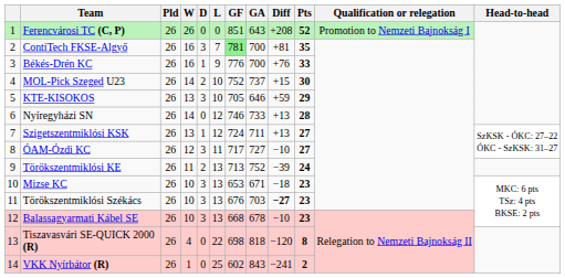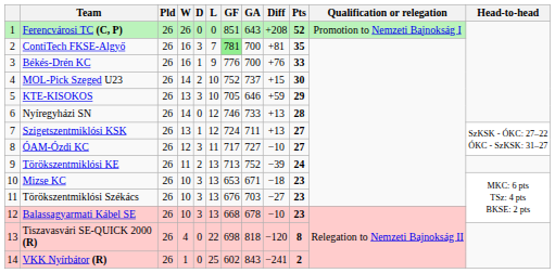 <table class="wikitable sortable" style="text-align:center">
 <tr>
 <th></th>
 <th width="200">Team</th>
 <th>Pld</th>
 <th>W</th>
 <th>D</th>
 <th>L</th>
 <th>GF</th>
 <th>GA</th>
 <th>Diff</th>
 <th>Pts</th>
 <th>Qualification or relegation</th>
 <th>Head-to-head</th>
 </tr>
 <tr style="background:#BBF3BB;">
 <td>1</td>
 <td align=left><a href='#'>Ferencvárosi TC</a> <strong>(C, P)</strong></td>
 <td>26</td>
 <td>26</td>
 <td>0</td>
 <td>0</td>
 <td>851</td>
 <td>643</td>
 <td>+208</td>
 <td><strong>52</strong></td>
 <td>Promotion to <a href='#'>Nemzeti Bajnokság I</a></td>
 </tr>
 <tr>
 <td>2</td>
 <td align=left><a href='#'>ContiTech FKSE-Algyő</a></td>
 <td>26</td>
 <td>16</td>
 <td>3</td>
 <td>7</td>
 <td style="background: lightgreen;">781</td>
 <td>700</td>
 <td>+81</td>
 <td><strong>35</strong></td>
 <td rowspan="10"></td>
 </tr>
 <tr>
 <td>3</td>
 <td align=left><a href='#'>Békés-Drén KC</a></td>
 <td>26</td>
 <td>16</td>
 <td>1</td>
 <td>9</td>
 <td>776</td>
 <td>700</td>
 <td>+76</td>
 <td><strong>33</strong></td>
 </tr>
 <tr>
 <td>4</td>
 <td align=left><a href='#'>MOL-Pick Szeged</a> U23</td>
 <td>26</td>
 <td>14</td>
 <td>2</td>
 <td>10</td>
 <td>752</td>
 <td>737</td>
 <td>+15</td>
 <td><strong>30</strong></td>
 </tr>
 <tr>
 <td>5</td>
 <td align=left><a href='#'>KTE-KISOKOS</a></td>
 <td>26</td>
 <td>13</td>
 <td>3</td>
 <td>10</td>
 <td>705</td>
 <td>646</td>
 <td>+59</td>
 <td><strong>29</strong></td>
 </tr>
 <tr>
 <td>6</td>
 <td align=left>Nyíregyházi SN</td>
 <td>26</td>
 <td>14</td>
 <td>0</td>
 <td>12</td>
 <td>746</td>
 <td>733</td>
 <td>+13</td>
 <td><strong>28</strong></td>
 </tr>
 <tr>
 <td>7</td>
 <td align=left><a href='#'>Szigetszentmiklósi KSK</a></td>
 <td>26</td>
 <td>13</td>
 <td>1</td>
 <td>12</td>
 <td>724</td>
 <td>711</td>
 <td>+13</td>
 <td><strong>27</strong></td>
 <td rowspan="2" style="background: #FFFFFF;"><small>SzKSK - ÓKC: 27–22<br>ÓKC - SzKSK: 31–27</small></td>
 </tr>
 <tr>
 <td>8</td>
 <td align=left><a href='#'>ÓAM-Ózdi KC</a></td>
 <td>26</td>
 <td>12</td>
 <td>3</td>
 <td>11</td>
 <td>717</td>
 <td>727</td>
 <td>−10</td>
 <td><strong>27</strong></td>
 </tr>
 <tr>
 <td>9</td>
 <td align=left><a href='#'>Törökszentmiklósi KE</a></td>
 <td>26</td>
 <td>11</td>
 <td>2</td>
 <td>13</td>
 <td>713</td>
 <td>752</td>
 <td>−39</td>
 <td><strong>24</strong></td>
 </tr>
 <tr>
 <td>10</td>
 <td align=left><a href='#'>Mizse KC</a></td>
 <td>26</td>
 <td>10</td>
 <td>3</td>
 <td>13</td>
 <td>653</td>
 <td>671</td>
 <td>−18</td>
 <td><strong>23</strong></td>
 <td rowspan="3" style="background: #FFFFFF;"><small>MKC: 6 pts<br>TSz: 4 pts<br>BKSE: 2 pts</small></td>
 </tr>
 <tr>
 <td>11</td>
 <td align=left>Törökszentmiklósi Székács</td>
 <td>26</td>
 <td>10</td>
 <td>3</td>
 <td>13</td>
 <td>676</td>
 <td>703</td>
-<td><strong>−27</strong></td>
+<td>−27</td>
 <td><strong>23</strong></td>
 </tr>
 <tr style="background: #FFCCCC;">
 <td>12</td>
 <td align=left><a href='#'>Balassagyarmati Kábel SE</a></td>
 <td>26</td>
 <td>10</td>
 <td>3</td>
 <td>13</td>
 <td>668</td>
 <td>678</td>
 <td>−10</td>
 <td><strong>23</strong></td>
 <td rowspan="3">Relegation to <a href='#'>Nemzeti Bajnokság II</a></td>
 </tr>
 <tr style="background: #FFCCCC;">
 <td>13</td>
 <td align=left>Tiszavasvári SE-QUICK 2000 <strong>(R)</strong></td>
 <td>26</td>
 <td>4</td>
 <td>0</td>
 <td>22</td>
 <td>698</td>
 <td>818</td>
 <td>−120</td>
 <td><strong>8</strong></td>
 </tr>
 <tr style="background: #FFCCCC;">
 <td>14</td>
 <td align=left><a href='#'>VKK Nyírbátor</a> <strong>(R)</strong></td>
 <td>26</td>
 <td>1</td>
 <td>0</td>
 <td>25</td>
 <td>602</td>
 <td>843</td>
 <td>−241</td>
 <td><strong>2</strong></td>
 </tr>
 </table>
